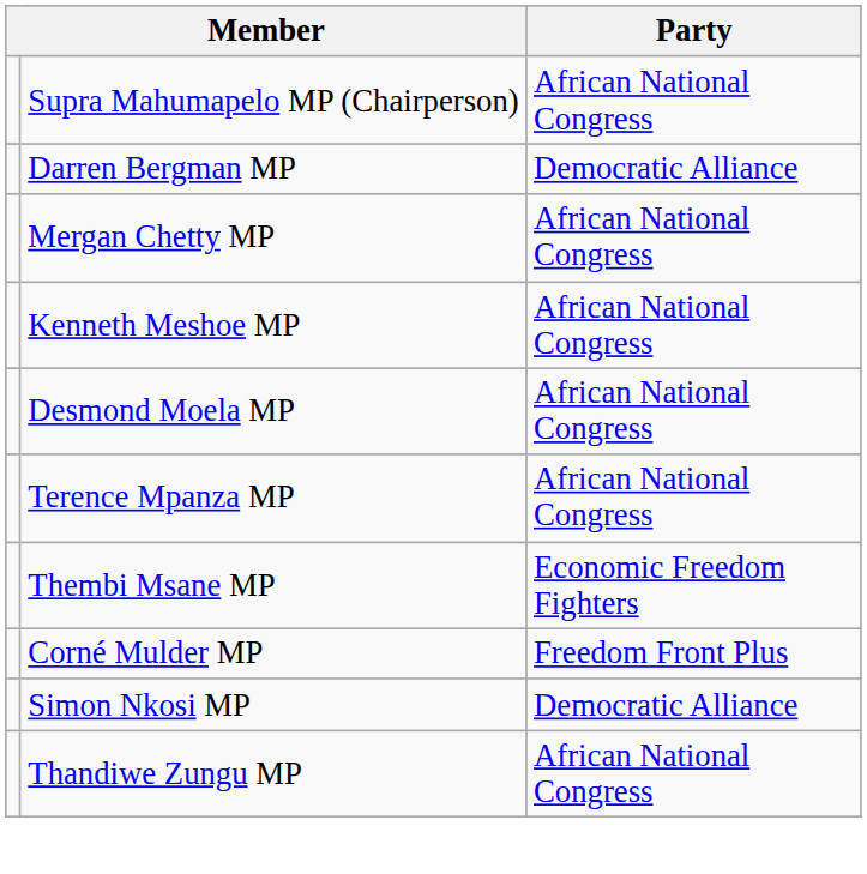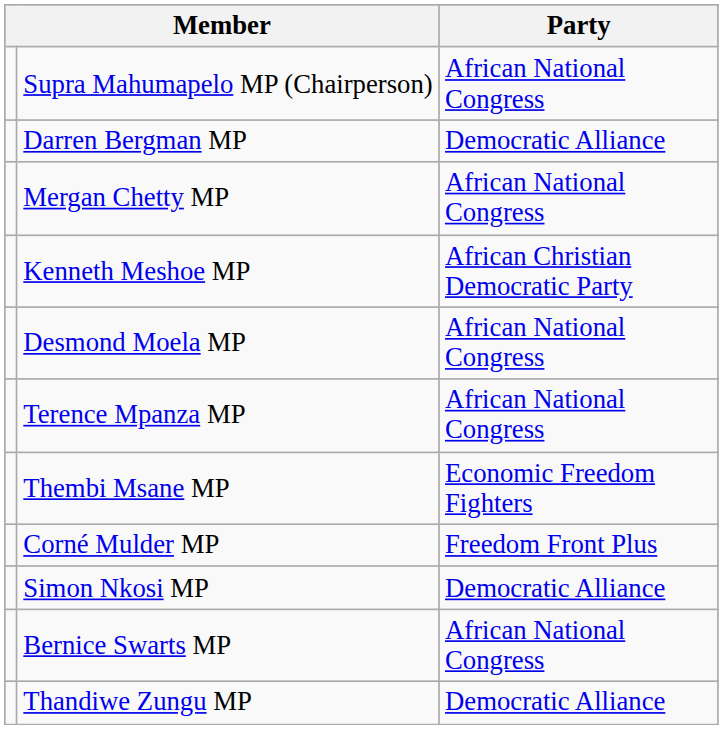 <table class="wikitable">
 <tr>
 <th width="160px" colspan="2" valign="top">Member</th>
 <th width="160px" valign="top">Party</th>
 </tr>
 <tr>
 <td></td>
 <td><a href='#'>Supra Mahumapelo</a> MP (Chairperson)</td>
 <td><a href='#'>African National Congress</a></td>
 </tr>
 <tr>
 <td></td>
 <td><a href='#'>Darren Bergman</a> MP</td>
 <td><a href='#'>Democratic Alliance</a></td>
 </tr>
 <tr>
 <td></td>
 <td><a href='#'>Mergan Chetty</a> MP</td>
 <td><a href='#'>African National Congress</a></td>
 </tr>
 <tr>
 <td></td>
 <td><a href='#'>Kenneth Meshoe</a> MP</td>
-<td><a href='#'>African National Congress</a></td>
+<td><a href='#'>African Christian Democratic Party</a></td>
 </tr>
 <tr>
 <td></td>
 <td><a href='#'>Desmond Moela</a> MP</td>
 <td><a href='#'>African National Congress</a></td>
 </tr>
 <tr>
 <td></td>
 <td><a href='#'>Terence Mpanza</a> MP</td>
 <td><a href='#'>African National Congress</a></td>
 </tr>
 <tr>
 <td></td>
 <td><a href='#'>Thembi Msane</a> MP</td>
 <td><a href='#'>Economic Freedom Fighters</a></td>
 </tr>
 <tr>
 <td></td>
 <td><a href='#'>Corné Mulder</a> MP</td>
 <td><a href='#'>Freedom Front Plus</a></td>
 </tr>
 <tr>
 <td></td>
 <td><a href='#'>Simon Nkosi</a> MP</td>
 <td><a href='#'>Democratic Alliance</a></td>
 </tr>
 <tr>
 <td></td>
-<td><a href='#'>Thandiwe Zungu</a> MP</td>
+<td><a href='#'>Bernice Swarts</a> MP</td>
 <td><a href='#'>African National Congress</a></td>
 </tr>
+<tr>
+<td></td>
+<td><a href='#'>Thandiwe Zungu</a> MP</td>
+<td><a href='#'>Democratic Alliance</a></td>
+</tr>
 </table>
